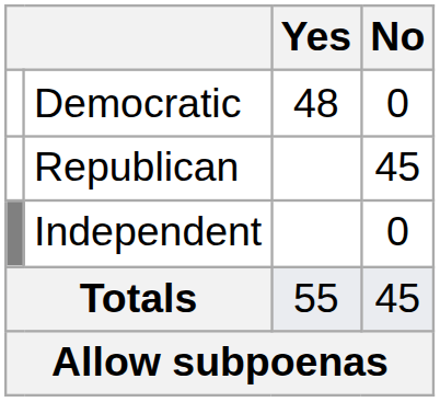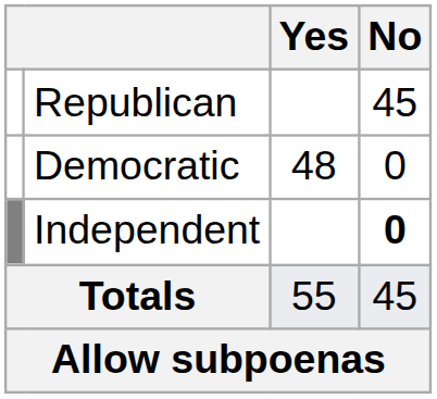 <table class="wikitable" style="text-align:center;background:white;">
 <tr>
 <th colspan="2" scope="col"></th>
 <th scope="col">Yes</th>
 <th scope="col">No</th>
 </tr>
 <tr>
 <td style="background-color:"></td>
+<td style="text-align:left;">Republican</td>
+<td></td>
+<td>45</td>
+</tr>
+<tr>
+<td style="background-color:"></td>
 <td style="text-align:left;">Democratic</td>
 <td>48</td>
 <td>0</td>
 </tr>
 <tr>
-<td style="background-color:"></td>
-<td style="text-align:left;">Republican</td>
-<td></td>
-<td>45</td>
-</tr>
-<tr>
 <td style="background:gray;"></td>
 <td style="text-align:left;">Independent</td>
 <td></td>
-<td>0</td>
+<td><strong>0</strong></td>
 </tr>
 <tr style="background:#EAECF0;">
 <th colspan="2" scope="row">Totals</th>
 <td>55</td>
 <td>45</td>
 </tr>
 <tr>
 <th colspan="4">Allow subpoenas</th>
 </tr>
 </table>
